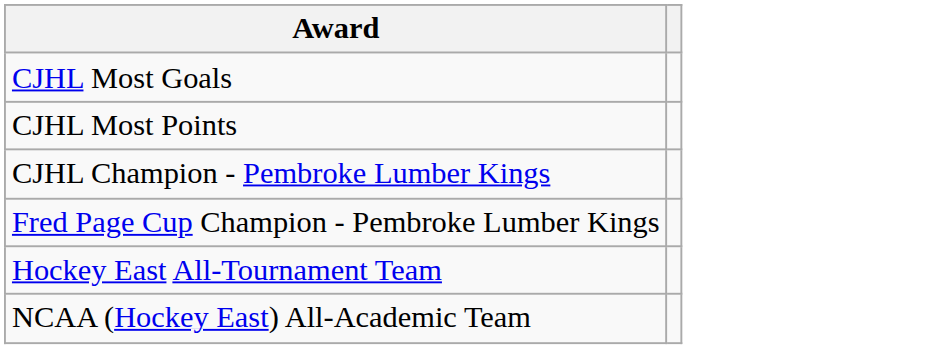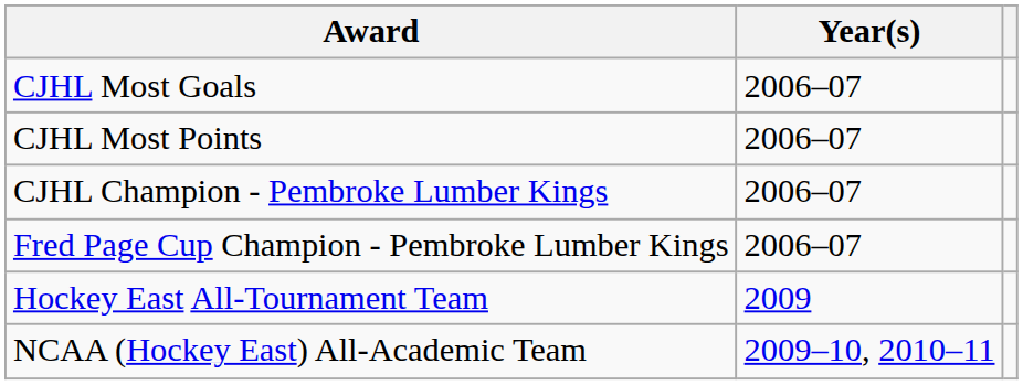 <table class="wikitable">
 <tr>
 <th>Award</th>
+<th>Year(s)</th>
 <th></th>
 </tr>
 <tr>
 <td><a href='#'>CJHL</a> Most Goals</td>
+<td>2006–07</td>
 <td></td>
 </tr>
 <tr>
 <td>CJHL Most Points</td>
+<td>2006–07</td>
 <td></td>
 </tr>
 <tr>
 <td>CJHL Champion - <a href='#'>Pembroke Lumber Kings</a></td>
+<td>2006–07</td>
 <td></td>
 </tr>
 <tr>
 <td><a href='#'>Fred Page Cup</a> Champion - Pembroke Lumber Kings</td>
+<td>2006–07</td>
 <td></td>
 </tr>
 <tr>
 <td><a href='#'>Hockey East</a> <a href='#'>All-Tournament Team</a></td>
+<td><a href='#'>2009</a></td>
 <td></td>
 </tr>
 <tr>
 <td>NCAA (<a href='#'>Hockey East</a>) All-Academic Team</td>
+<td><a href='#'>2009–10</a>, <a href='#'>2010–11</a></td>
 <td></td>
 </tr>
 </table>
